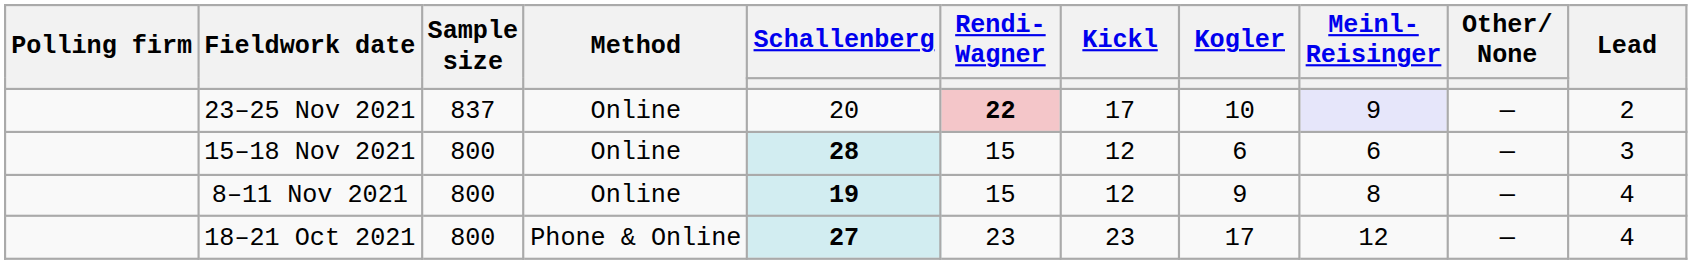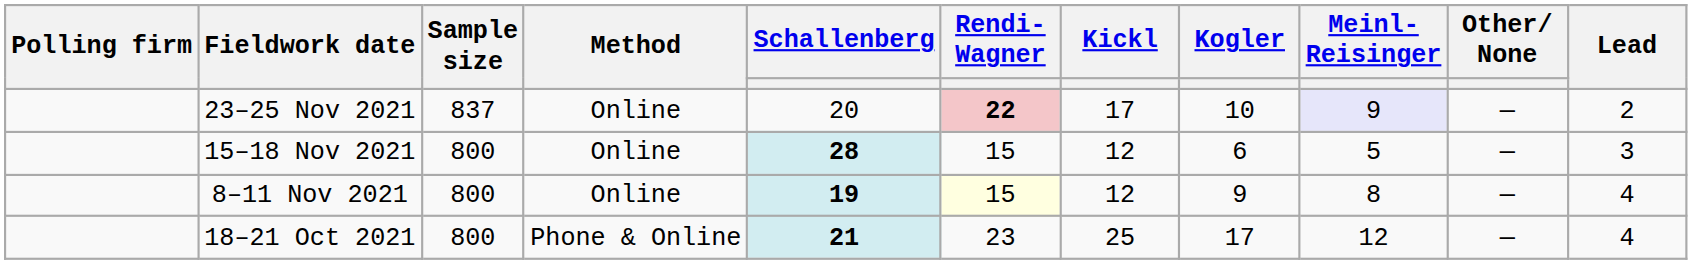 <table class="wikitable sortable mw-datatable" style="text-align:center;font-size:90%;line-height:14px;">
 <tr>
 <th rowspan="2">Polling firm</th>
 <th rowspan="2">Fieldwork date</th>
 <th rowspan="2">Sample<br>size</th>
 <th rowspan="2">Method</th>
 <th class="unsortable" style="width:50px;"><a href='#'>Schallenberg</a><br></th>
 <th class="unsortable" style="width:50px;"><a href='#'>Rendi-Wagner</a><br></th>
 <th class="unsortable" style="width:50px;"><a href='#'>Kickl</a><br></th>
 <th class="unsortable" style="width:50px;"><a href='#'>Kogler</a><br></th>
 <th class="unsortable" style="width:50px;"><a href='#'>Meinl-Reisinger</a><br></th>
 <th class="unsortable" style="width:50px;">Other/<br>None</th>
 <th rowspan="2" class="unsortable" style="width:50px;">Lead</th>
 </tr>
 <tr>
 <th style="background:"></th>
 <th style="background:"></th>
 <th style="background:"></th>
 <th style="background:"></th>
 <th style="background:"></th>
 <th style="background:"></th>
 </tr>
 <tr>
 <td></td>
 <td data-sort-value="2021-11-25">23–25 Nov 2021</td>
 <td>837</td>
 <td>Online</td>
 <td>20</td>
 <td style="background:#F4C6C9;"><strong>22</strong></td>
 <td>17</td>
 <td>10</td>
 <td style="background: lavender;">9</td>
 <td>—</td>
 <td style="background:">2</td>
 </tr>
 <tr>
 <td></td>
 <td data-sort-value="2021-11-18">15–18 Nov 2021</td>
 <td>800</td>
 <td>Online</td>
 <td style="background:#D2EDF1;"><strong>28</strong></td>
 <td>15</td>
 <td>12</td>
 <td>6</td>
-<td>6</td>
+<td>5</td>
 <td>—</td>
 <td style="background:">3</td>
 </tr>
 <tr>
 <td></td>
 <td data-sort-value="2021-11-11">8–11 Nov 2021</td>
 <td>800</td>
 <td>Online</td>
 <td style="background:#D2EDF1;"><strong>19</strong></td>
-<td>15</td>
+<td style="background: lightyellow;">15</td>
 <td>12</td>
 <td>9</td>
 <td>8</td>
 <td>—</td>
 <td style="background:">4</td>
 </tr>
 <tr>
 <td></td>
 <td data-sort-value="2021-10-21">18–21 Oct 2021</td>
 <td>800</td>
 <td>Phone & Online</td>
-<td style="background:#D2EDF1;"><strong>27</strong></td>
+<td style="background:#D2EDF1;"><strong>21</strong></td>
 <td>23</td>
-<td>23</td>
+<td>25</td>
 <td>17</td>
 <td>12</td>
 <td>—</td>
 <td style="background:">4</td>
 </tr>
 </table>
